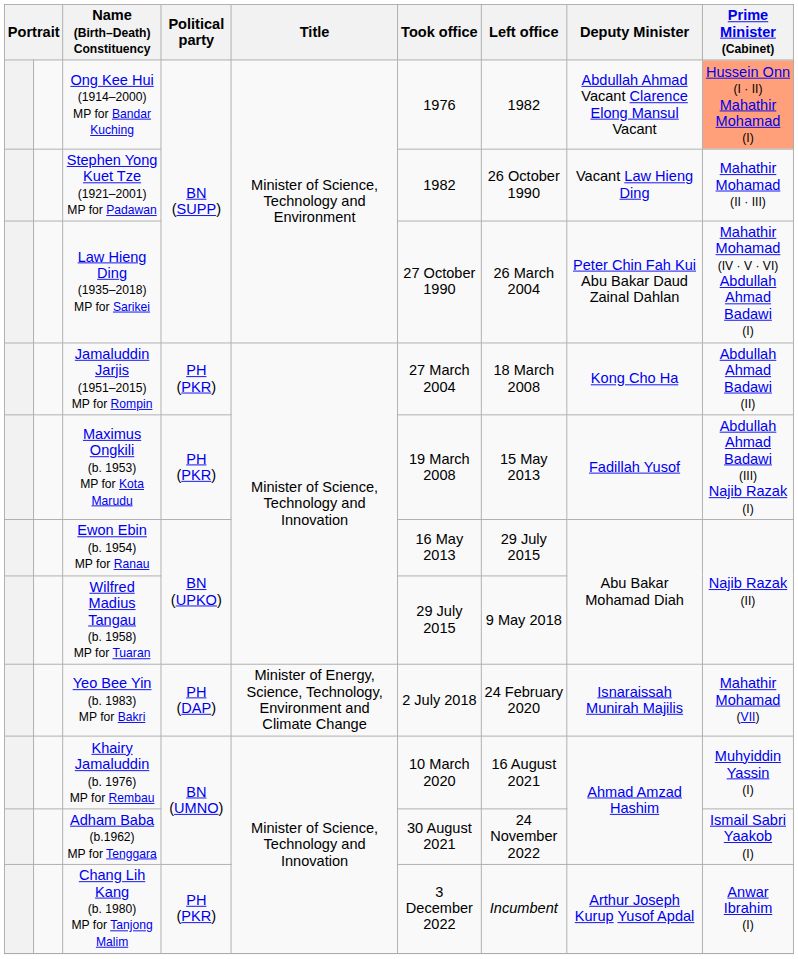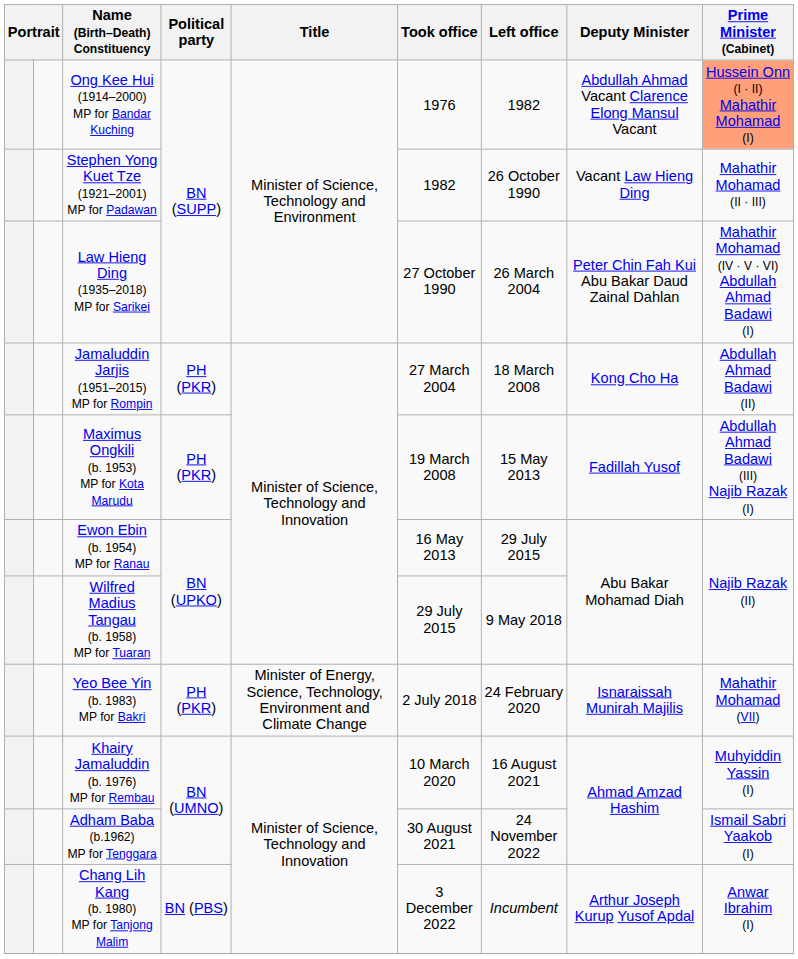 <table class="wikitable" style="text-align:center;">
 <tr>
 <th colspan=2>Portrait</th>
 <th>Name<br><small>(Birth–Death)<br>Constituency</small></th>
 <th>Political party</th>
 <th>Title</th>
 <th>Took office</th>
 <th>Left office</th>
 <th>Deputy Minister</th>
 <th><a href='#'>Prime Minister</a><br><small>(Cabinet)</small></th>
 </tr>
 <tr>
 <th style="background:"></th>
 <td></td>
 <td><a href='#'>Ong Kee Hui</a><br><small>(1914–2000)<br>MP for <a href='#'>Bandar Kuching</a></small></td>
 <td rowspan=3><a href='#'>BN</a> (<a href='#'>SUPP</a>)</td>
 <td rowspan=3>Minister of Science, Technology and Environment</td>
 <td>1976</td>
 <td>1982</td>
 <td><a href='#'>Abdullah Ahmad</a>  Vacant  <a href='#'>Clarence Elong Mansul</a>  Vacant </td>
 <td style="background: lightsalmon;"><a href='#'>Hussein Onn</a><br><small>(I · II)</small><br><a href='#'>Mahathir Mohamad</a><br><small>(I)</small></td>
 </tr>
 <tr>
 <th style="background:"></th>
 <td></td>
 <td><a href='#'>Stephen Yong Kuet Tze</a><br><small>(1921–2001)<br>MP for <a href='#'>Padawan</a></small></td>
 <td>1982</td>
 <td>26 October 1990</td>
 <td>Vacant   <a href='#'>Law Hieng Ding</a> </td>
 <td><a href='#'>Mahathir Mohamad</a><br><small>(II · III)</small></td>
 </tr>
 <tr>
 <th style="background:"></th>
 <td></td>
 <td><a href='#'>Law Hieng Ding</a><br><small>(1935–2018)<br>MP for <a href='#'>Sarikei</a></small></td>
 <td>27 October 1990</td>
 <td>26 March 2004</td>
 <td><a href='#'>Peter Chin Fah Kui</a>   Abu Bakar Daud  Zainal Dahlan </td>
 <td><a href='#'>Mahathir Mohamad</a><br><small>(IV · V · VI)</small><br><a href='#'>Abdullah Ahmad Badawi</a><br><small>(I)</small></td>
 </tr>
 <tr>
 <th style="background:"></th>
 <td></td>
 <td><a href='#'>Jamaluddin Jarjis</a><br><small>(1951–2015)<br>MP for <a href='#'>Rompin</a></small></td>
 <td><a href='#'>PH</a> (<a href='#'>PKR</a>)</td>
 <td rowspan=4>Minister of Science, Technology and Innovation</td>
 <td>27 March 2004</td>
 <td>18 March 2008</td>
 <td><a href='#'>Kong Cho Ha</a></td>
 <td><a href='#'>Abdullah Ahmad Badawi</a><br><small>(II)</small></td>
 </tr>
 <tr>
 <th style="background:"></th>
 <td></td>
 <td><a href='#'>Maximus Ongkili</a><br><small>(b. 1953)<br>MP for <a href='#'>Kota Marudu</a></small></td>
 <td><a href='#'>PH</a> (<a href='#'>PKR</a>)</td>
 <td>19 March 2008</td>
 <td>15 May 2013</td>
 <td><a href='#'>Fadillah Yusof</a></td>
 <td><a href='#'>Abdullah Ahmad Badawi</a><br><small>(III)</small><br><a href='#'>Najib Razak</a><br><small>(I)</small></td>
 </tr>
 <tr>
 <th style="background:"></th>
 <td></td>
 <td><a href='#'>Ewon Ebin</a><br><small>(b. 1954)<br>MP for <a href='#'>Ranau</a></small></td>
 <td rowspan=2><a href='#'>BN</a> (<a href='#'>UPKO</a>)</td>
 <td>16 May 2013</td>
 <td>29 July 2015</td>
 <td rowspan="2">Abu Bakar Mohamad Diah</td>
 <td rowspan="2"><a href='#'>Najib Razak</a><br><small>(II)</small></td>
 </tr>
 <tr>
 <th style="background:"></th>
 <td></td>
 <td><a href='#'>Wilfred Madius Tangau</a><br><small>(b. 1958)<br>MP for <a href='#'>Tuaran</a></small></td>
 <td>29 July 2015</td>
 <td>9 May 2018</td>
 </tr>
 <tr>
 <th style="background:"></th>
 <td></td>
 <td><a href='#'>Yeo Bee Yin</a><br><small>(b. 1983)<br>MP for <a href='#'>Bakri</a></small></td>
-<td><a href='#'>PH</a> (<a href='#'>DAP</a>)</td>
+<td><a href='#'>PH</a> (<a href='#'>PKR</a>)</td>
 <td>Minister of Energy, Science, Technology, Environment and Climate Change</td>
 <td>2 July 2018</td>
 <td>24 February 2020</td>
 <td><a href='#'>Isnaraissah Munirah Majilis</a></td>
 <td><a href='#'>Mahathir Mohamad</a><br><small>(<a href='#'>VII</a>)</small></td>
 </tr>
 <tr>
 <th style="background:"></th>
 <td></td>
 <td><a href='#'>Khairy Jamaluddin</a><br><small>(b. 1976)<br>MP for <a href='#'>Rembau</a></small></td>
 <td rowspan=2><a href='#'>BN</a> (<a href='#'>UMNO</a>)</td>
 <td rowspan=3>Minister of Science, Technology and Innovation</td>
 <td>10 March 2020</td>
 <td>16 August 2021</td>
 <td rowspan="2"><a href='#'>Ahmad Amzad Hashim</a></td>
 <td><a href='#'>Muhyiddin Yassin</a><br><small>(I)</small></td>
 </tr>
 <tr>
 <th style="background:"></th>
 <td></td>
 <td><a href='#'>Adham Baba</a><br><small>(b.1962)<br>MP for <a href='#'>Tenggara</a></small></td>
 <td>30 August 2021</td>
 <td>24 November 2022</td>
 <td><a href='#'>Ismail Sabri Yaakob</a><br><small>(I)</small></td>
 </tr>
 <tr>
 <th style="background:"></th>
 <td></td>
 <td><a href='#'>Chang Lih Kang</a><br><small>(b. 1980)<br>MP for <a href='#'>Tanjong Malim</a></small></td>
-<td><a href='#'>PH</a> (<a href='#'>PKR</a>)</td>
+<td><a href='#'>BN</a> (<a href='#'>PBS</a>)</td>
 <td>3 December 2022</td>
 <td><em>Incumbent</em></td>
 <td><a href='#'>Arthur Joseph Kurup</a>    <a href='#'>Yusof Apdal</a> </td>
 <td><a href='#'>Anwar Ibrahim</a><br><small>(I)</small></td>
 </tr>
 <tr>
 </tr>
 </table>
